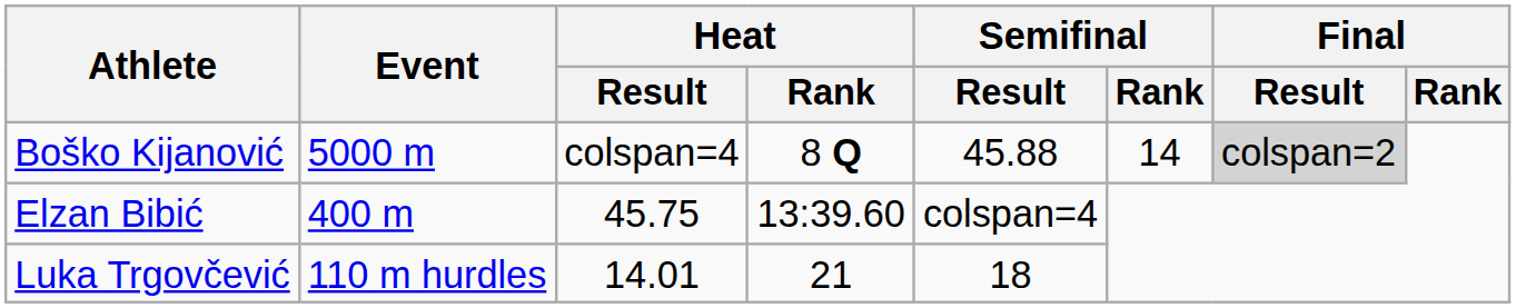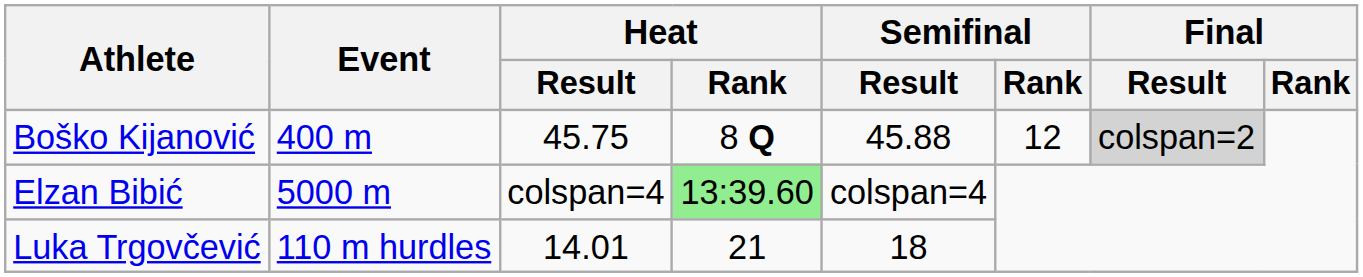 <table class="wikitable" style="font-size:90%">
 <tr>
 <th rowspan="2">Athlete</th>
 <th rowspan="2">Event</th>
 <th colspan="2">Heat</th>
 <th colspan="2">Semifinal</th>
 <th colspan="2">Final</th>
 </tr>
 <tr style="font-size:95%">
 <th>Result</th>
 <th>Rank</th>
 <th>Result</th>
 <th>Rank</th>
 <th>Result</th>
 <th>Rank</th>
 </tr>
 <tr align=center>
 <td align=left><a href='#'>Boško Kijanović</a></td>
-<td align=left><a href='#'>5000 m</a></td>
-<td>colspan=4 </td>
+<td align=left><a href='#'>400 m</a></td>
+<td>45.75</td>
 <td>8 <strong>Q</strong></td>
 <td>45.88</td>
-<td>14</td>
+<td>12</td>
 <td style="background: lightgrey;">colspan=2 </td>
 </tr>
 <tr align=center>
 <td align=left><a href='#'>Elzan Bibić</a></td>
-<td align=left><a href='#'>400 m</a></td>
-<td>45.75</td>
-<td>13:39.60</td>
+<td align=left><a href='#'>5000 m</a></td>
+<td>colspan=4 </td>
+<td style="background: lightgreen;">13:39.60</td>
 <td>colspan=4 </td>
 </tr>
 <tr align=center>
 <td align=left><a href='#'>Luka Trgovčević</a></td>
 <td align=left><a href='#'>110 m hurdles</a></td>
 <td>14.01</td>
 <td>21</td>
 <td>18</td>
 </tr>
 </table>
